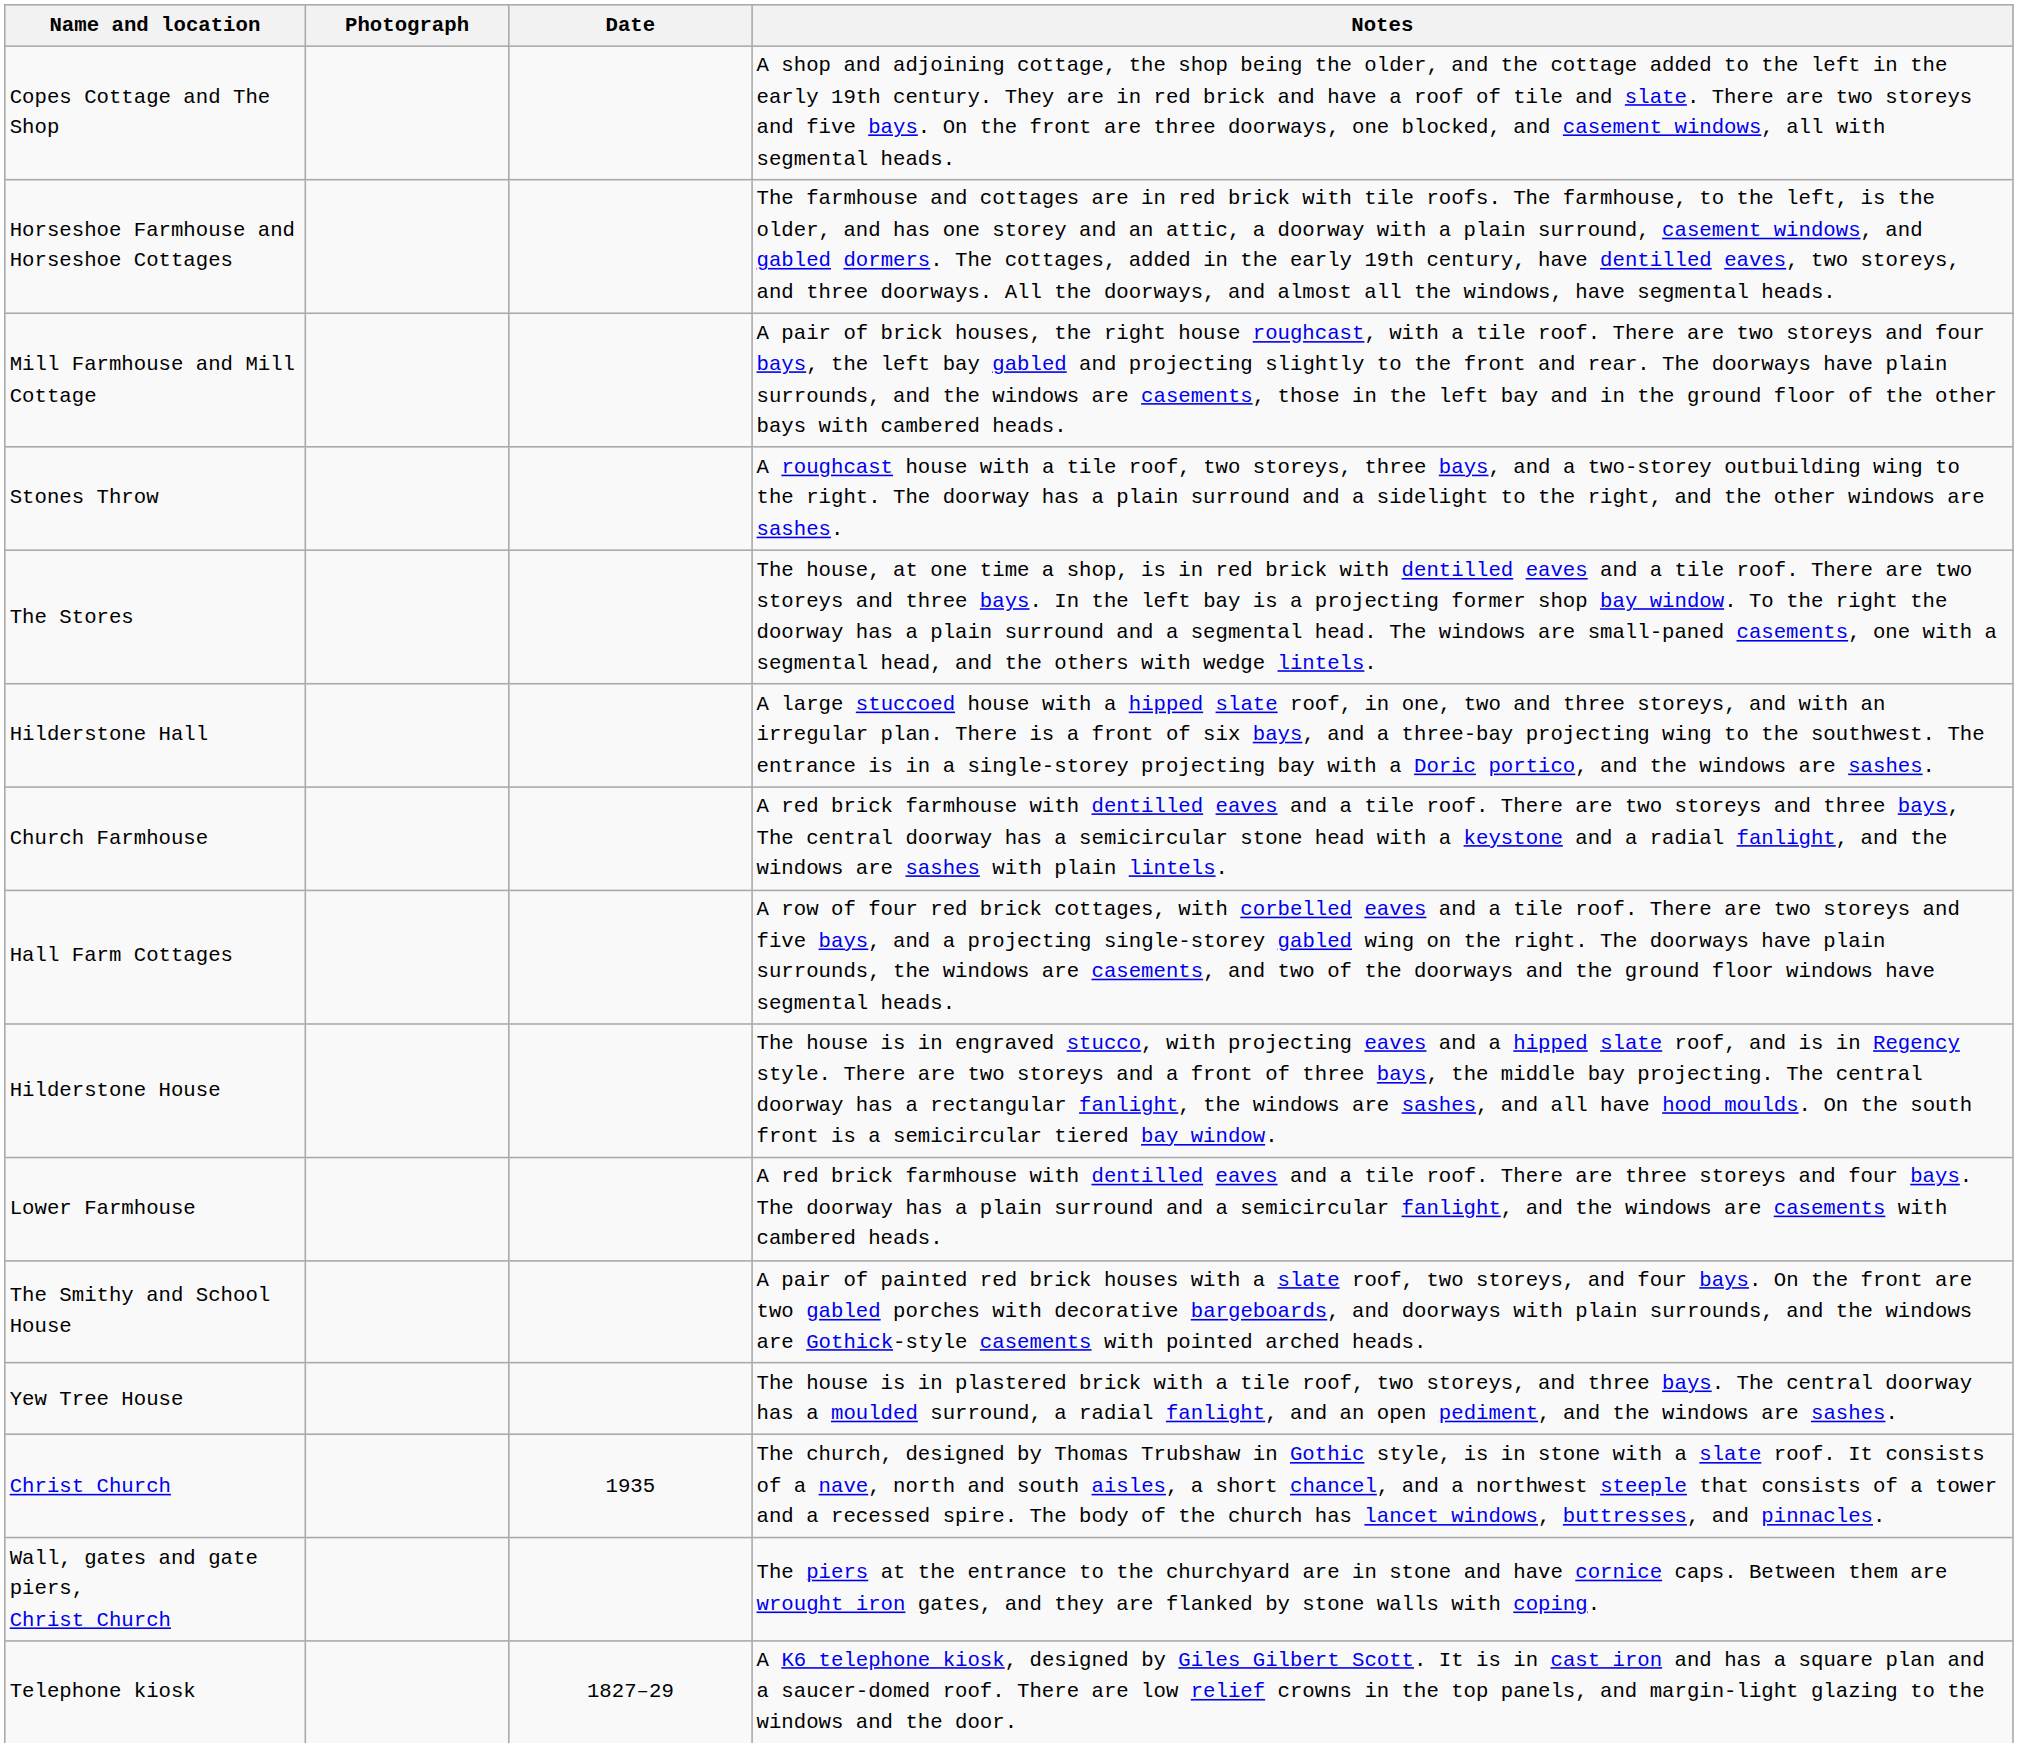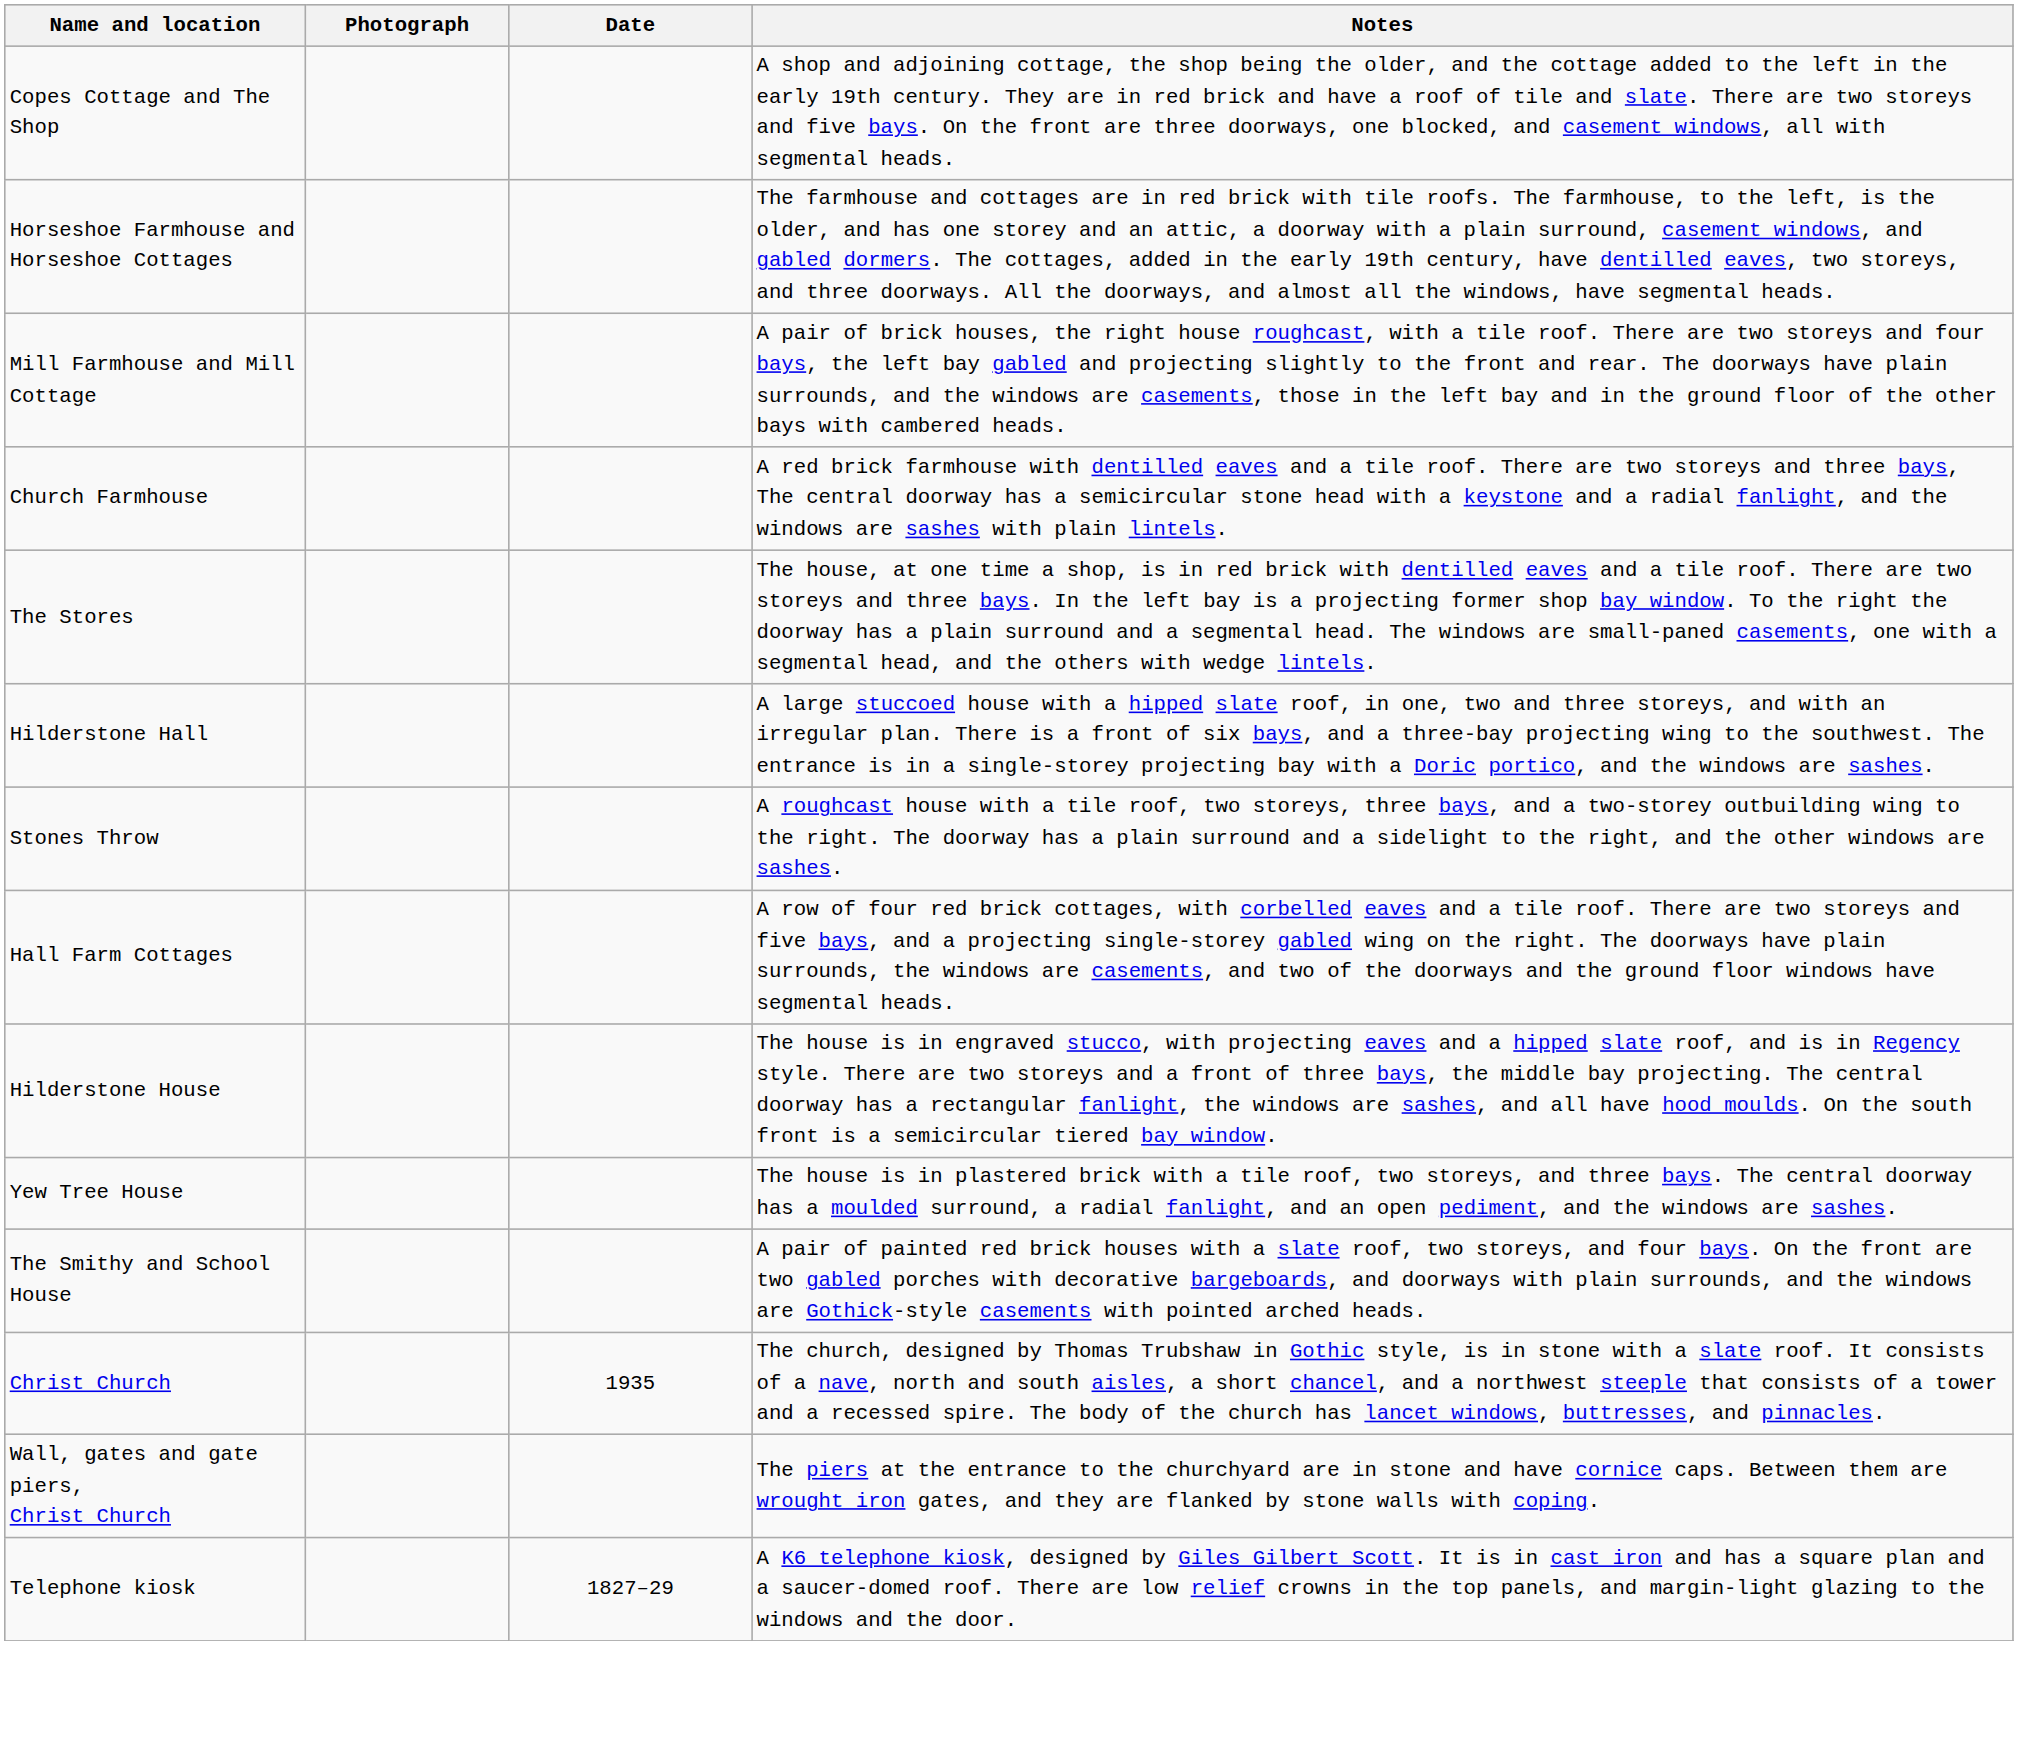 <table class="wikitable sortable plainrowheaders" style="width:100%;border:0px;text-align:left;line-height:150%;">
 <tr>
 <th scope="col"  style="width:150px">Name and location</th>
 <th scope="col"  style="width:100px" class="unsortable">Photograph</th>
 <th scope="col"  style="width:120px">Date</th>
 <th scope="col"  style="width:650px" class="unsortable">Notes</th>
 </tr>
 <tr>
 <td>Copes Cottage and The Shop<br><small></small></td>
 <td></td>
 <td align="center"></td>
 <td>A shop and adjoining cottage, the shop being the older, and the cottage added to the left in the early 19th century.  They are in red brick and have a roof of tile and <a href='#'>slate</a>.  There are two storeys and five <a href='#'>bays</a>.  On the front are three doorways, one blocked, and <a href='#'>casement windows</a>, all with segmental heads.</td>
 </tr>
 <tr>
 <td>Horseshoe Farmhouse and Horseshoe Cottages<br><small></small></td>
 <td></td>
 <td align="center"></td>
 <td>The farmhouse and cottages are in red brick with tile roofs.  The farmhouse, to the left, is the older, and has one storey and an attic, a doorway with a plain surround, <a href='#'>casement windows</a>, and <a href='#'>gabled</a> <a href='#'>dormers</a>.  The cottages, added in the early 19th century, have <a href='#'>dentilled</a> <a href='#'>eaves</a>, two storeys, and three doorways.  All the doorways, and almost all the windows, have segmental heads.</td>
 </tr>
 <tr>
 <td>Mill Farmhouse and Mill Cottage<br><small></small></td>
 <td></td>
 <td align="center"></td>
 <td>A pair of brick houses, the right house <a href='#'>roughcast</a>, with a tile roof.  There are two storeys and four <a href='#'>bays</a>, the left bay <a href='#'>gabled</a> and projecting slightly to the front and rear.  The doorways have plain surrounds, and the windows are <a href='#'>casements</a>, those in the left bay and in the ground floor of the other bays with cambered heads.</td>
 </tr>
 <tr>
-<td>Stones Throw<br><small></small></td>
+<td>Church Farmhouse<br><small></small></td>
 <td></td>
 <td align="center"></td>
-<td>A <a href='#'>roughcast</a> house with a tile roof, two storeys, three <a href='#'>bays</a>, and a two-storey outbuilding wing to the right.  The doorway has a plain surround and a sidelight to the right, and the other windows are <a href='#'>sashes</a>.</td>
+<td>A red brick farmhouse with <a href='#'>dentilled</a> <a href='#'>eaves</a> and a tile roof.  There are two storeys and three <a href='#'>bays</a>,  The central doorway has a semicircular stone head with a <a href='#'>keystone</a> and a radial <a href='#'>fanlight</a>, and the windows are <a href='#'>sashes</a> with plain <a href='#'>lintels</a>.</td>
 </tr>
 <tr>
 <td>The Stores<br><small></small></td>
 <td></td>
 <td align="center"></td>
 <td>The house, at one time a shop, is in red brick with <a href='#'>dentilled</a> <a href='#'>eaves</a> and a tile roof.  There are two storeys and three <a href='#'>bays</a>.  In the left bay is a projecting former shop <a href='#'>bay window</a>.  To the right the doorway has a plain surround and a segmental head.  The windows are small-paned <a href='#'>casements</a>, one with a segmental head, and the others with wedge <a href='#'>lintels</a>.</td>
 </tr>
 <tr>
 <td>Hilderstone Hall<br><small></small></td>
 <td></td>
 <td align="center"></td>
 <td>A large <a href='#'>stuccoed</a> house with a <a href='#'>hipped</a> <a href='#'>slate</a> roof, in one, two and three storeys, and with an irregular plan.  There is a front of six <a href='#'>bays</a>, and a three-bay projecting wing to the southwest.  The entrance is in a single-storey projecting bay with a <a href='#'>Doric</a> <a href='#'>portico</a>, and the windows are <a href='#'>sashes</a>.</td>
 </tr>
 <tr>
-<td>Church Farmhouse<br><small></small></td>
+<td>Stones Throw<br><small></small></td>
 <td></td>
 <td align="center"></td>
-<td>A red brick farmhouse with <a href='#'>dentilled</a> <a href='#'>eaves</a> and a tile roof.  There are two storeys and three <a href='#'>bays</a>,  The central doorway has a semicircular stone head with a <a href='#'>keystone</a> and a radial <a href='#'>fanlight</a>, and the windows are <a href='#'>sashes</a> with plain <a href='#'>lintels</a>.</td>
+<td>A <a href='#'>roughcast</a> house with a tile roof, two storeys, three <a href='#'>bays</a>, and a two-storey outbuilding wing to the right.  The doorway has a plain surround and a sidelight to the right, and the other windows are <a href='#'>sashes</a>.</td>
 </tr>
 <tr>
 <td>Hall Farm Cottages<br><small></small></td>
 <td></td>
 <td align="center"></td>
 <td>A row of four red brick cottages, with <a href='#'>corbelled</a> <a href='#'>eaves</a> and a tile roof.  There are two storeys and five <a href='#'>bays</a>, and a projecting single-storey <a href='#'>gabled</a> wing on the right.  The doorways have plain surrounds, the windows are <a href='#'>casements</a>, and two of the doorways and the ground floor windows have segmental heads.</td>
 </tr>
 <tr>
 <td>Hilderstone House<br><small></small></td>
 <td></td>
 <td align="center"></td>
 <td>The house is in engraved <a href='#'>stucco</a>, with projecting <a href='#'>eaves</a> and a <a href='#'>hipped</a> <a href='#'>slate</a> roof, and is in <a href='#'>Regency</a> style.  There are two storeys and a front of three <a href='#'>bays</a>, the middle bay projecting.  The central doorway has a rectangular <a href='#'>fanlight</a>, the windows are <a href='#'>sashes</a>, and all have <a href='#'>hood moulds</a>.  On the south front is a semicircular tiered <a href='#'>bay window</a>.</td>
 </tr>
 <tr>
-<td>Lower Farmhouse<br><small></small></td>
+<td>Yew Tree House<br><small></small></td>
 <td></td>
 <td align="center"></td>
-<td>A red brick farmhouse with <a href='#'>dentilled</a> <a href='#'>eaves</a> and a tile roof.  There are three storeys and four <a href='#'>bays</a>.  The doorway has a plain surround and a semicircular <a href='#'>fanlight</a>, and the windows are <a href='#'>casements</a> with cambered heads.</td>
+<td>The house is in plastered brick with a tile roof, two storeys, and three <a href='#'>bays</a>.  The central doorway has a <a href='#'>moulded</a> surround, a radial <a href='#'>fanlight</a>, and an open <a href='#'>pediment</a>, and the windows are <a href='#'>sashes</a>.</td>
 </tr>
 <tr>
 <td>The Smithy and School House<br><small></small></td>
 <td></td>
 <td align="center"></td>
 <td>A pair of painted red brick houses with a <a href='#'>slate</a> roof, two storeys, and four <a href='#'>bays</a>.  On the front are two <a href='#'>gabled</a> porches with decorative <a href='#'>bargeboards</a>, and doorways with plain surrounds, and the windows are <a href='#'>Gothick</a>-style <a href='#'>casements</a> with pointed arched heads.</td>
-</tr>
-<tr>
-<td>Yew Tree House<br><small></small></td>
-<td></td>
-<td align="center"></td>
-<td>The house is in plastered brick with a tile roof, two storeys, and three <a href='#'>bays</a>.  The central doorway has a <a href='#'>moulded</a> surround, a radial <a href='#'>fanlight</a>, and an open <a href='#'>pediment</a>, and the windows are <a href='#'>sashes</a>.</td>
 </tr>
 <tr>
 <td><a href='#'>Christ Church</a><br><small></small></td>
 <td></td>
 <td align="center">1935</td>
 <td>The church, designed by Thomas Trubshaw in <a href='#'>Gothic</a> style, is in stone with a <a href='#'>slate</a> roof.  It consists of a <a href='#'>nave</a>, north and south <a href='#'>aisles</a>, a short <a href='#'>chancel</a>, and a northwest <a href='#'>steeple</a> that consists of a tower and a recessed spire.  The body of the church has <a href='#'>lancet windows</a>, <a href='#'>buttresses</a>, and <a href='#'>pinnacles</a>.</td>
 </tr>
 <tr>
 <td>Wall, gates and gate piers,<br><a href='#'>Christ Church</a><br><small></small></td>
 <td></td>
 <td align="center"></td>
 <td>The <a href='#'>piers</a> at the entrance to the churchyard are in stone and have <a href='#'>cornice</a> caps.  Between them are <a href='#'>wrought iron</a> gates, and they are flanked by stone walls with <a href='#'>coping</a>.</td>
 </tr>
 <tr>
 <td>Telephone kiosk<br><small></small></td>
 <td></td>
 <td align="center">1827–29</td>
 <td>A <a href='#'>K6 telephone kiosk</a>, designed by <a href='#'>Giles Gilbert Scott</a>.  It is in <a href='#'>cast iron</a> and has a square plan and a saucer-domed roof.  There are low <a href='#'>relief</a> crowns in the top panels, and margin-light glazing to the windows and the door.</td>
 </tr>
 <tr>
 </tr>
 </table>
